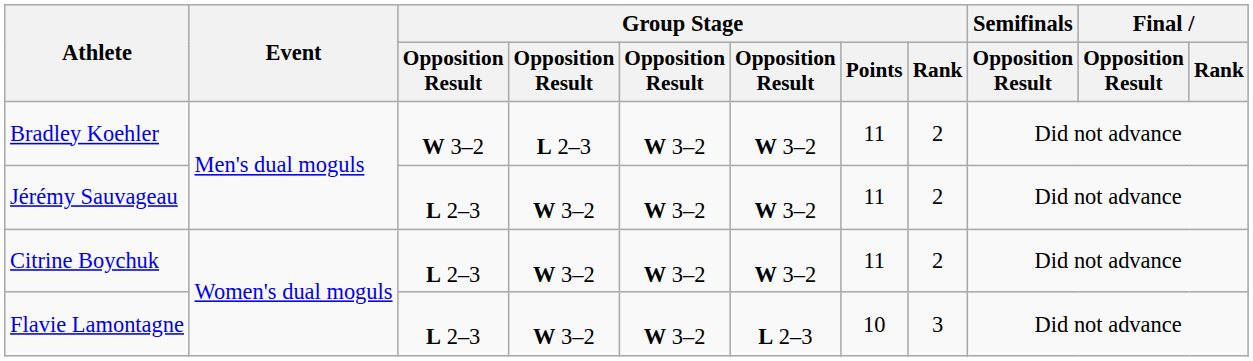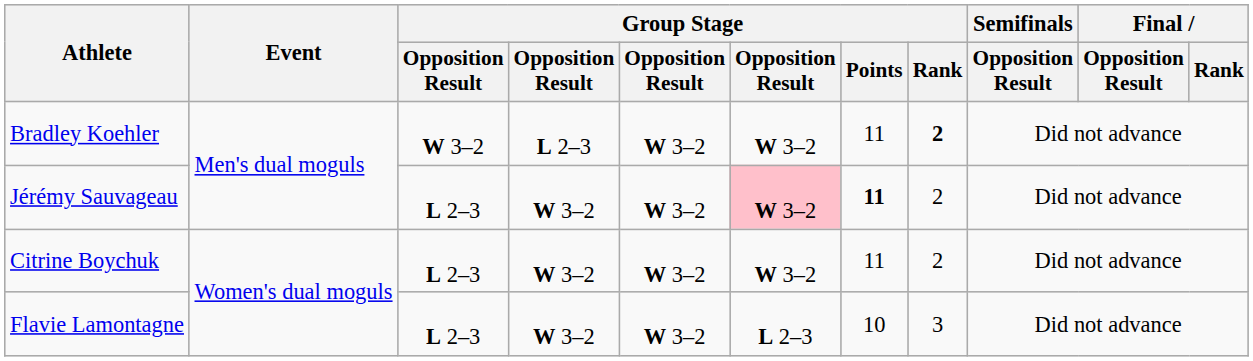 <table class="wikitable" style="font-size:90%">
 <tr>
 <th rowspan="2">Athlete</th>
 <th rowspan="2">Event</th>
 <th colspan=6>Group Stage</th>
 <th>Semifinals</th>
 <th colspan=2>Final / </th>
 </tr>
 <tr style="font-size:95%">
 <th>Opposition<br>Result</th>
 <th>Opposition<br>Result</th>
 <th>Opposition<br>Result</th>
 <th>Opposition<br>Result</th>
 <th>Points</th>
 <th>Rank</th>
 <th>Opposition<br>Result</th>
 <th>Opposition<br>Result</th>
 <th>Rank</th>
 </tr>
 <tr align=center>
 <td align=left><a href='#'>Bradley Koehler</a></td>
 <td align=left rowspan=2><a href='#'>Men's dual moguls</a></td>
 <td><br><strong>W</strong> 3–2</td>
 <td><br><strong>L</strong> 2–3</td>
 <td><br><strong>W</strong> 3–2</td>
 <td><br><strong>W</strong> 3–2</td>
 <td>11</td>
-<td>2</td>
+<td><strong>2</strong></td>
 <td colspan=3>Did not advance</td>
 </tr>
 <tr align=center>
 <td align=left><a href='#'>Jérémy Sauvageau</a></td>
 <td><br><strong>L</strong> 2–3</td>
 <td><br><strong>W</strong> 3–2</td>
 <td><br><strong>W</strong> 3–2</td>
-<td><br><strong>W</strong> 3–2</td>
-<td>11</td>
+<td style="background: pink;"><br><strong>W</strong> 3–2</td>
+<td><strong>11</strong></td>
 <td>2</td>
 <td colspan=3>Did not advance</td>
 </tr>
 <tr align=center>
 <td align=left><a href='#'>Citrine Boychuk</a></td>
 <td align=left rowspan=2><a href='#'>Women's dual moguls</a></td>
 <td><br><strong>L</strong> 2–3</td>
 <td><br><strong>W</strong> 3–2</td>
 <td><br><strong>W</strong> 3–2</td>
 <td><br><strong>W</strong> 3–2</td>
 <td>11</td>
 <td>2</td>
 <td colspan=3>Did not advance</td>
 </tr>
 <tr align=center>
 <td align=left><a href='#'>Flavie Lamontagne</a></td>
 <td><br><strong>L</strong> 2–3</td>
 <td><br><strong>W</strong> 3–2</td>
 <td><br><strong>W</strong> 3–2</td>
 <td><br><strong>L</strong> 2–3</td>
 <td>10</td>
 <td>3</td>
 <td colspan=3>Did not advance</td>
 </tr>
 </table>
